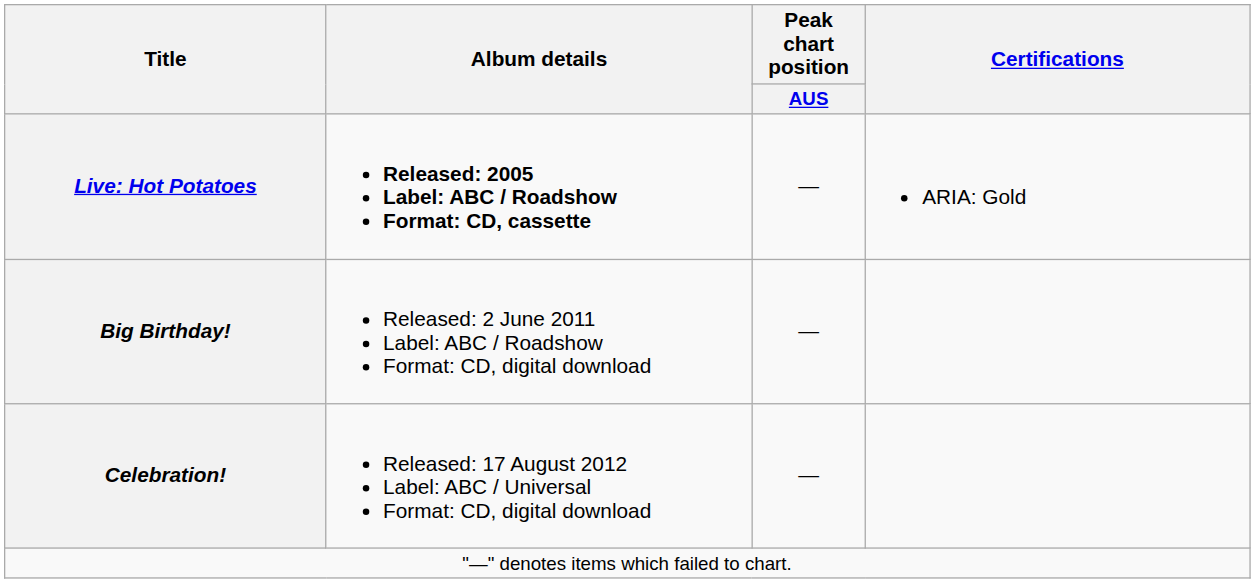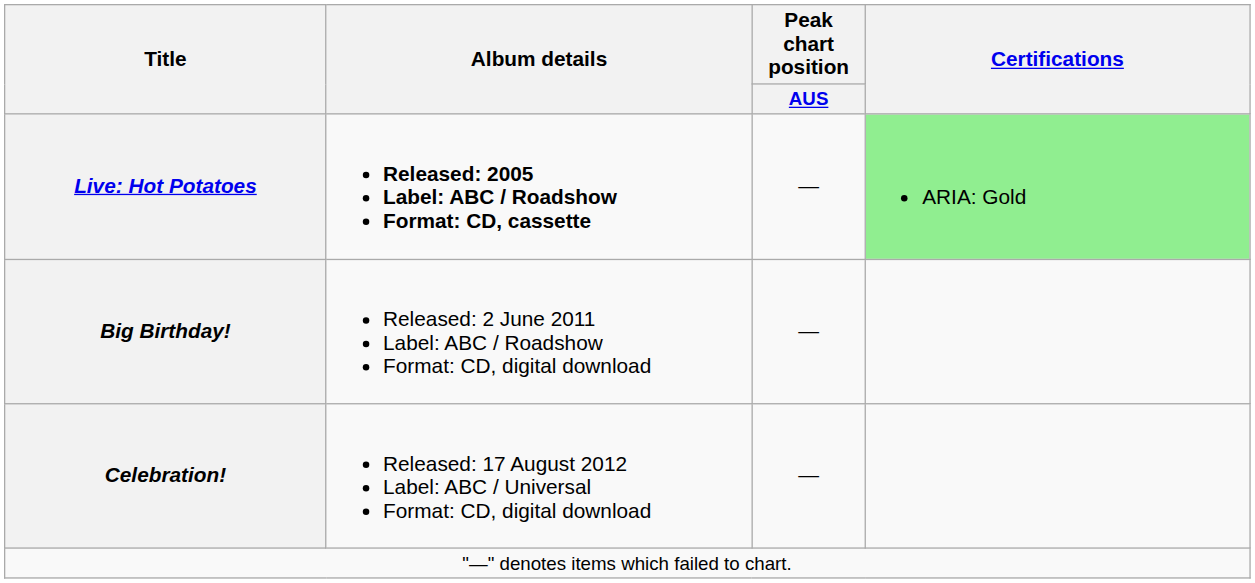 <table class="wikitable plainrowheaders">
 <tr>
 <th scope="col" style="width:15em;" rowspan="2">Title</th>
 <th scope="col" style="width:20em;" rowspan="2">Album details</th>
 <th scope="col" style="width:5em;">Peak chart position</th>
 <th scope="col" style="width:18em;" rowspan="2"><a href='#'>Certifications</a><br></th>
 </tr>
 <tr>
 <th scope="col" style="width:5em;font-size:90%;"><a href='#'>AUS</a><br></th>
 </tr>
 <tr>
 <th scope="row"><em><a href='#'>Live: Hot Potatoes</a></em></th>
 <td><strong><br><ul><li>Released: 2005</li><li>Label: ABC / Roadshow</li><li>Format: CD, cassette</li></ul></strong></td>
 <td style="text-align:center;">—</td>
-<td><br><ul><li>ARIA: Gold</li></ul></td>
+<td style="background: lightgreen;"><br><ul><li>ARIA: Gold</li></ul></td>
 </tr>
 <tr>
 <th scope="row"><em>Big Birthday!</em></th>
 <td><br><ul><li>Released: 2 June 2011</li><li>Label: ABC / Roadshow</li><li>Format: CD, digital download</li></ul></td>
 <td style="text-align:center;">—</td>
 <td></td>
 </tr>
 <tr>
 <th scope="row"><em>Celebration!</em></th>
 <td><br><ul><li>Released: 17 August 2012</li><li>Label: ABC / Universal</li><li>Format: CD, digital download</li></ul></td>
 <td style="text-align:center;">—</td>
 <td></td>
 </tr>
 <tr>
 <td colspan="8" style="text-align:center; font-size:90%">"—" denotes items which failed to chart.</td>
 </tr>
 </table>
